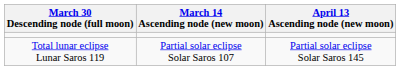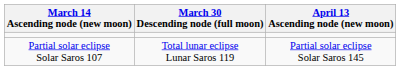 <table class="wikitable">
 <tr>
+<th><a href='#'>March 14</a><br>Ascending node (new moon)<br></th>
 <th><a href='#'>March 30</a><br>Descending node (full moon)<br></th>
-<th><a href='#'>March 14</a><br>Ascending node (new moon)<br></th>
 <th><a href='#'>April 13</a><br>Ascending node (new moon)<br></th>
 </tr>
 <tr>
 <td></td>
 <td></td>
 <td></td>
 </tr>
 <tr align=center>
+<td><a href='#'>Partial solar eclipse</a><br>Solar Saros 107</td>
 <td><a href='#'>Total lunar eclipse</a><br>Lunar Saros 119</td>
-<td><a href='#'>Partial solar eclipse</a><br>Solar Saros 107</td>
 <td><a href='#'>Partial solar eclipse</a><br>Solar Saros 145</td>
 </tr>
 </table>
